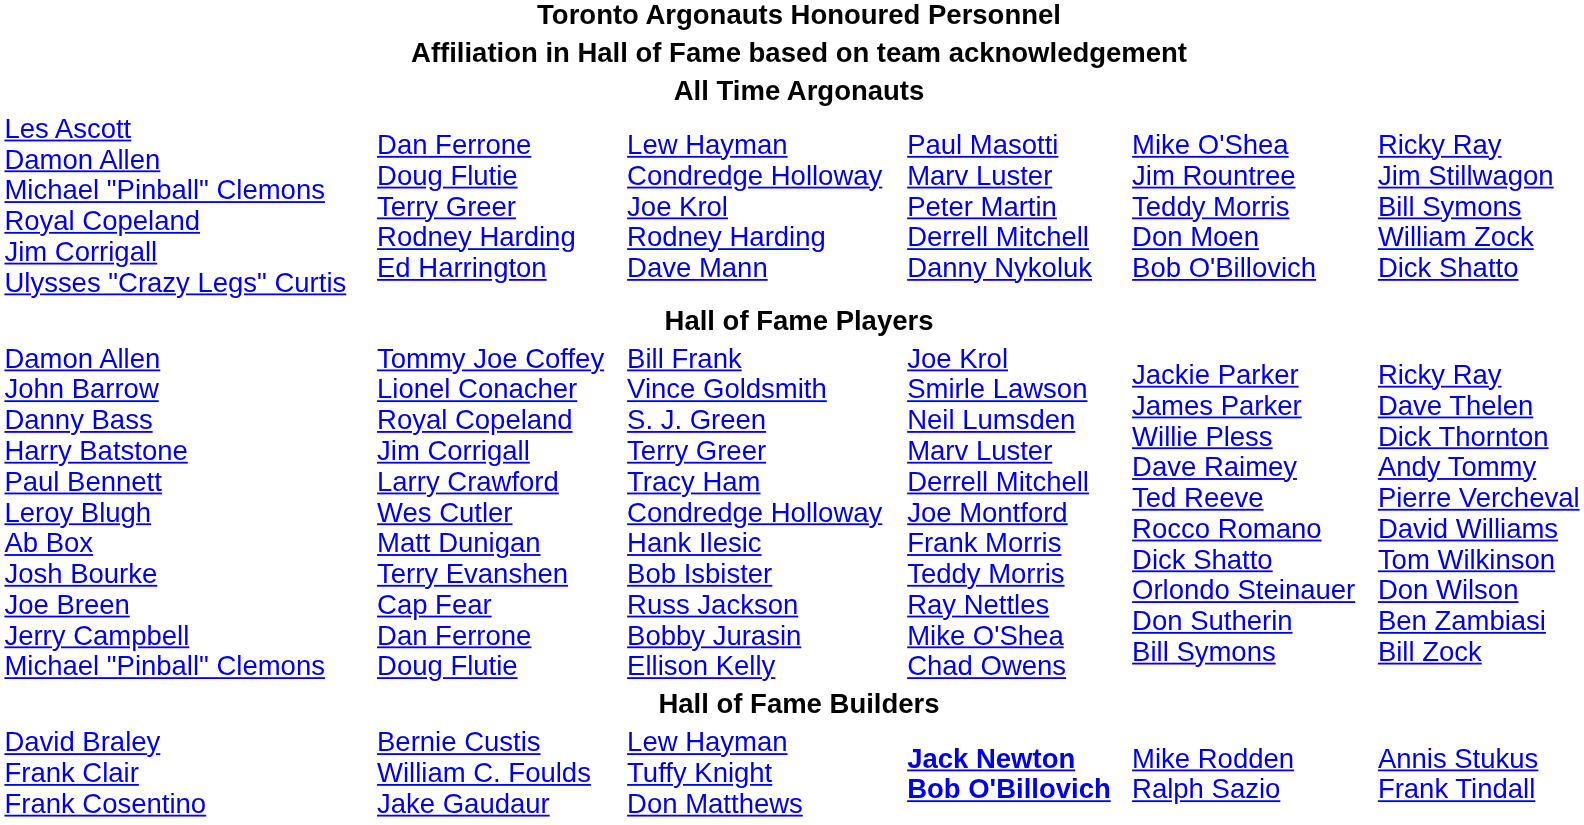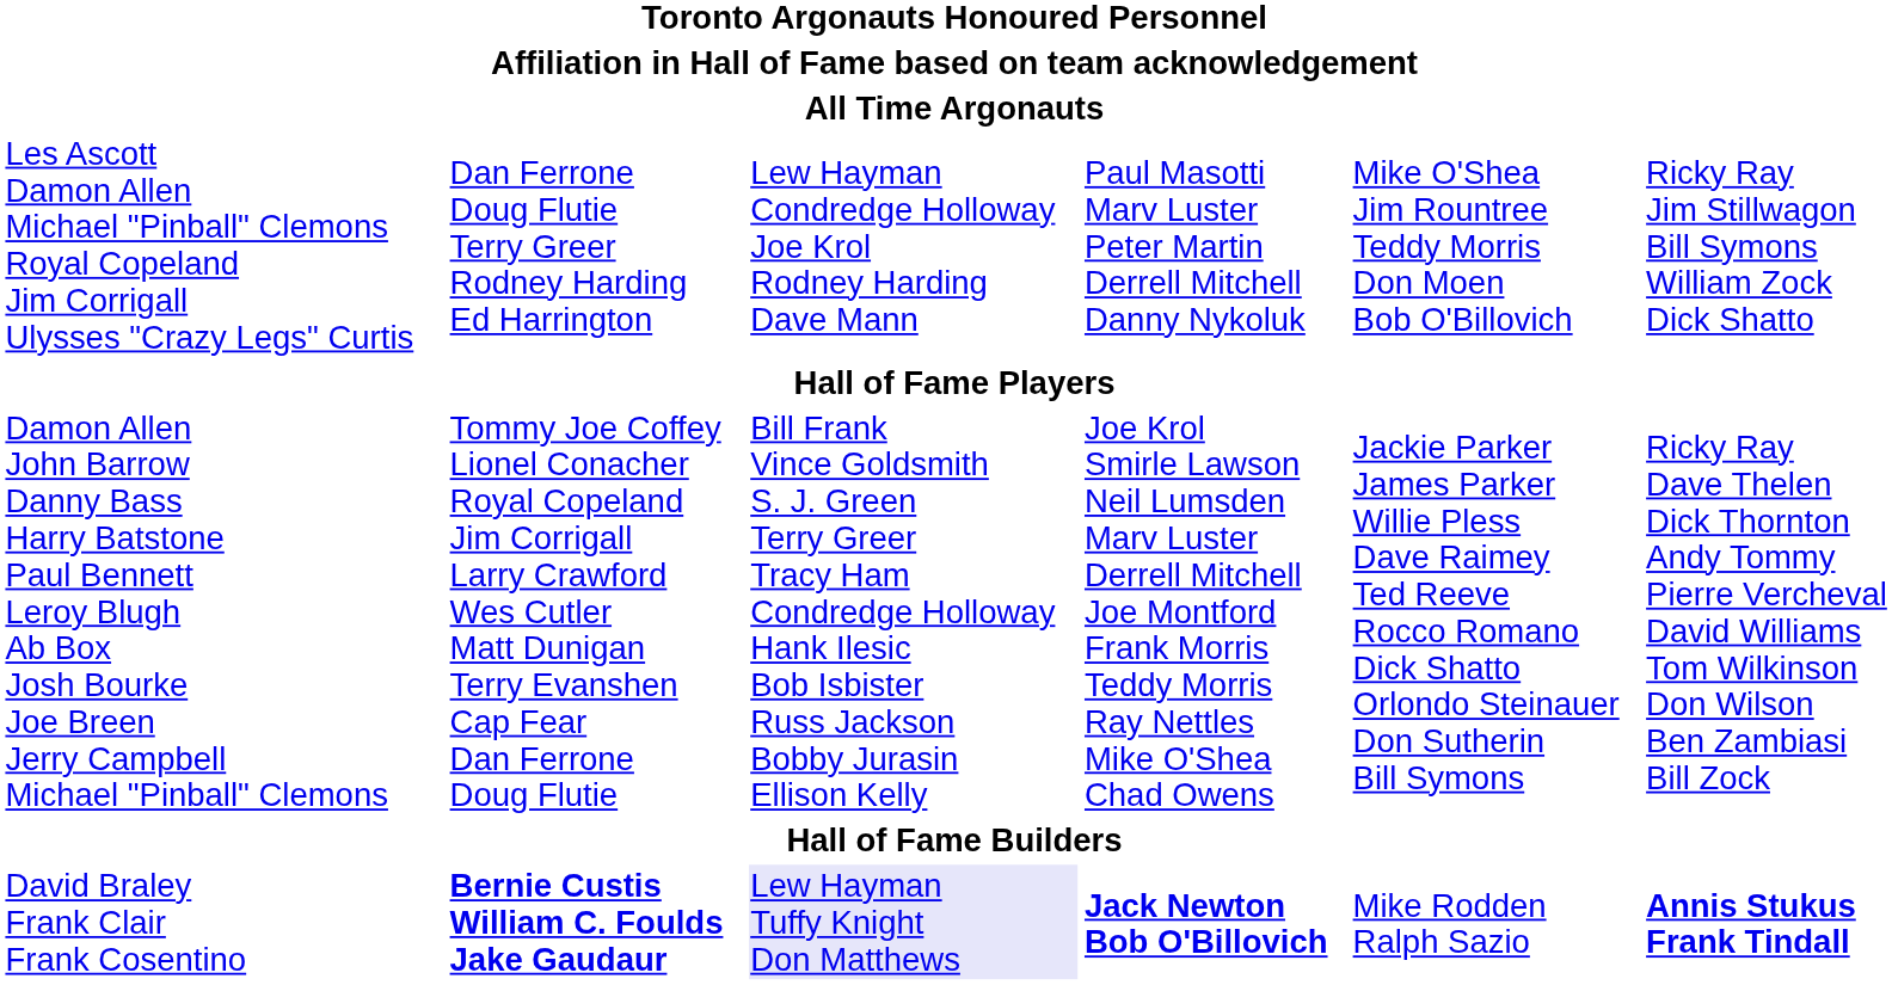 <table class="toccolours" style="font-size: 95%;margin: 1em auto;" width=100%>
 <tr>
 <th colspan="6" style="text-align:center; "><strong>Toronto Argonauts Honoured Personnel</strong></th>
 </tr>
 <tr>
 <td colspan="6" style="text-align:center; "><strong>Affiliation in Hall of Fame based on team acknowledgement</strong></td>
 </tr>
 <tr>
 <td colspan=6 align=center><strong>All Time Argonauts</strong></td>
 </tr>
 <tr>
 <td><a href='#'>Les Ascott</a><br><a href='#'>Damon Allen</a><br><a href='#'>Michael "Pinball" Clemons</a><br><a href='#'>Royal Copeland</a><br><a href='#'>Jim Corrigall</a><br><a href='#'>Ulysses "Crazy Legs" Curtis</a></td>
 <td><a href='#'>Dan Ferrone</a><br><a href='#'>Doug Flutie</a><br><a href='#'>Terry Greer</a><br><a href='#'>Rodney Harding</a><br><a href='#'>Ed Harrington</a></td>
 <td><a href='#'>Lew Hayman</a><br><a href='#'>Condredge Holloway</a><br><a href='#'>Joe Krol</a><br><a href='#'>Rodney Harding</a><br><a href='#'>Dave Mann</a></td>
 <td><a href='#'>Paul Masotti</a><br><a href='#'>Marv Luster</a><br><a href='#'>Peter Martin</a><br><a href='#'>Derrell Mitchell</a><br><a href='#'>Danny Nykoluk</a></td>
 <td><a href='#'>Mike O'Shea</a><br><a href='#'>Jim Rountree</a><br><a href='#'>Teddy Morris</a><br><a href='#'>Don Moen</a><br><a href='#'>Bob O'Billovich</a></td>
 <td><a href='#'>Ricky Ray</a><br><a href='#'>Jim Stillwagon</a><br><a href='#'>Bill Symons</a><br><a href='#'>William Zock</a><br><a href='#'>Dick Shatto</a></td>
 </tr>
 <tr>
 <td colspan=6 align=center><strong>Hall of Fame Players</strong></td>
 </tr>
 <tr>
 <td><a href='#'>Damon Allen</a><br><a href='#'>John Barrow</a><br><a href='#'>Danny Bass</a><br><a href='#'>Harry Batstone</a><br><a href='#'>Paul Bennett</a><br><a href='#'>Leroy Blugh</a><br><a href='#'>Ab Box</a><br><a href='#'>Josh Bourke</a><br><a href='#'>Joe Breen</a><br><a href='#'>Jerry Campbell</a><br><a href='#'>Michael "Pinball" Clemons</a></td>
 <td><a href='#'>Tommy Joe Coffey</a><br><a href='#'>Lionel Conacher</a><br><a href='#'>Royal Copeland</a><br><a href='#'>Jim Corrigall</a><br><a href='#'>Larry Crawford</a><br><a href='#'>Wes Cutler</a><br><a href='#'>Matt Dunigan</a><br><a href='#'>Terry Evanshen</a><br><a href='#'>Cap Fear</a><br><a href='#'>Dan Ferrone</a><br><a href='#'>Doug Flutie</a></td>
 <td><a href='#'>Bill Frank</a><br><a href='#'>Vince Goldsmith</a><br><a href='#'>S. J. Green</a><br><a href='#'>Terry Greer</a><br><a href='#'>Tracy Ham</a><br><a href='#'>Condredge Holloway</a><br><a href='#'>Hank Ilesic</a><br><a href='#'>Bob Isbister</a><br><a href='#'>Russ Jackson</a><br><a href='#'>Bobby Jurasin</a><br><a href='#'>Ellison Kelly</a></td>
 <td><a href='#'>Joe Krol</a><br><a href='#'>Smirle Lawson</a><br><a href='#'>Neil Lumsden</a><br><a href='#'>Marv Luster</a><br><a href='#'>Derrell Mitchell</a><br><a href='#'>Joe Montford</a><br><a href='#'>Frank Morris</a><br><a href='#'>Teddy Morris</a><br><a href='#'>Ray Nettles</a><br><a href='#'>Mike O'Shea</a><br><a href='#'>Chad Owens</a></td>
 <td><a href='#'>Jackie Parker</a><br><a href='#'>James Parker</a><br><a href='#'>Willie Pless</a><br><a href='#'>Dave Raimey</a><br><a href='#'>Ted Reeve</a><br><a href='#'>Rocco Romano</a><br><a href='#'>Dick Shatto</a><br><a href='#'>Orlondo Steinauer</a><br><a href='#'>Don Sutherin</a><br><a href='#'>Bill Symons</a></td>
 <td><a href='#'>Ricky Ray</a><br><a href='#'>Dave Thelen</a><br><a href='#'>Dick Thornton</a><br><a href='#'>Andy Tommy</a><br><a href='#'>Pierre Vercheval</a><br><a href='#'>David Williams</a><br><a href='#'>Tom Wilkinson</a><br><a href='#'>Don Wilson</a><br><a href='#'>Ben Zambiasi</a><br><a href='#'>Bill Zock</a></td>
 </tr>
 <tr>
 <td colspan=6 align=center><strong>Hall of Fame Builders</strong></td>
 </tr>
 <tr>
 <td><a href='#'>David Braley</a><br><a href='#'>Frank Clair</a><br><a href='#'>Frank Cosentino</a></td>
-<td><a href='#'>Bernie Custis</a><br><a href='#'>William C. Foulds</a><br><a href='#'>Jake Gaudaur</a></td>
-<td><a href='#'>Lew Hayman</a><br><a href='#'>Tuffy Knight</a><br><a href='#'>Don Matthews</a></td>
+<td><strong><a href='#'>Bernie Custis</a><br><a href='#'>William C. Foulds</a><br><a href='#'>Jake Gaudaur</a></strong></td>
+<td style="background: lavender;"><a href='#'>Lew Hayman</a><br><a href='#'>Tuffy Knight</a><br><a href='#'>Don Matthews</a></td>
 <td><strong><a href='#'>Jack Newton</a><br><a href='#'>Bob O'Billovich</a></strong></td>
 <td><a href='#'>Mike Rodden</a><br><a href='#'>Ralph Sazio</a></td>
-<td><a href='#'>Annis Stukus</a><br><a href='#'>Frank Tindall</a></td>
+<td><strong><a href='#'>Annis Stukus</a><br><a href='#'>Frank Tindall</a></strong></td>
 </tr>
 </table>
